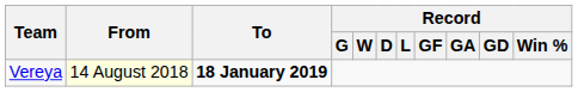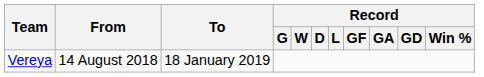 <table class="wikitable" style="text-align:center">
 <tr>
 <th rowspan="2">Team</th>
 <th rowspan="2">From</th>
 <th rowspan="2">To</th>
 <th colspan="8">Record</th>
 </tr>
 <tr>
 <th>G</th>
 <th>W</th>
 <th>D</th>
 <th>L</th>
 <th>GF</th>
 <th>GA</th>
 <th>GD</th>
 <th>Win %</th>
 </tr>
 <tr>
 <td><a href='#'>Vereya</a></td>
-<td style="background: lightyellow;">14 August 2018</td>
-<td><strong>18 January 2019<br></strong></td>
+<td>14 August 2018</td>
+<td>18 January 2019<br></td>
 </tr>
 </table>
